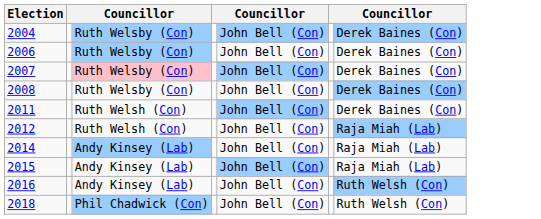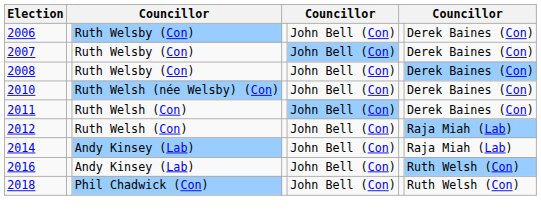 <table class="wikitable">
 <tr>
 <th>Election</th>
 <th colspan="2">Councillor</th>
 <th colspan="2">Councillor</th>
 <th colspan="2">Councillor</th>
-</tr>
-<tr>
-<td><a href='#'>2004</a></td>
-<td style="background-color: "></td>
-<td bgcolor="#99CCFF">Ruth Welsby (<a href='#'>Con</a>)</td>
-<td style="background-color: "></td>
-<td bgcolor="#99CCFF">John Bell (<a href='#'>Con</a>)</td>
-<td style="background-color: "></td>
-<td bgcolor="#99CCFF">Derek Baines (<a href='#'>Con</a>)</td>
 </tr>
 <tr>
 <td><a href='#'>2006</a></td>
 <td style="background-color: "></td>
 <td bgcolor="#99CCFF">Ruth Welsby (<a href='#'>Con</a>)</td>
 <td style="background-color: "></td>
 <td>John Bell (<a href='#'>Con</a>)</td>
 <td style="background-color: "></td>
 <td>Derek Baines (<a href='#'>Con</a>)</td>
 </tr>
 <tr>
 <td><a href='#'>2007</a></td>
 <td style="background-color: "></td>
-<td style="background: pink;">Ruth Welsby (<a href='#'>Con</a>)</td>
+<td>Ruth Welsby (<a href='#'>Con</a>)</td>
 <td style="background-color: "></td>
 <td bgcolor="#99CCFF">John Bell (<a href='#'>Con</a>)</td>
 <td style="background-color: "></td>
 <td>Derek Baines (<a href='#'>Con</a>)</td>
 </tr>
 <tr>
 <td><a href='#'>2008</a></td>
 <td style="background-color: "></td>
 <td>Ruth Welsby (<a href='#'>Con</a>)</td>
 <td style="background-color: "></td>
 <td>John Bell (<a href='#'>Con</a>)</td>
 <td style="background-color: "></td>
 <td bgcolor="#99CCFF">Derek Baines (<a href='#'>Con</a>)</td>
+</tr>
+<tr>
+<td><a href='#'>2010</a></td>
+<td style="background-color: "></td>
+<td bgcolor="#99CCFF">Ruth Welsh (née Welsby) (<a href='#'>Con</a>)</td>
+<td style="background-color: "></td>
+<td>John Bell (<a href='#'>Con</a>)</td>
+<td style="background-color: "></td>
+<td>Derek Baines (<a href='#'>Con</a>)</td>
 </tr>
 <tr>
 <td><a href='#'>2011</a></td>
 <td style="background-color: "></td>
 <td>Ruth Welsh (<a href='#'>Con</a>)</td>
 <td style="background-color: "></td>
 <td bgcolor="#99CCFF">John Bell (<a href='#'>Con</a>)</td>
 <td style="background-color: "></td>
 <td>Derek Baines (<a href='#'>Con</a>)</td>
 </tr>
 <tr>
 <td><a href='#'>2012</a></td>
 <td style="background-color: "></td>
 <td>Ruth Welsh (<a href='#'>Con</a>)</td>
 <td style="background-color: "></td>
 <td>John Bell (<a href='#'>Con</a>)</td>
 <td style="background-color: "></td>
 <td bgcolor="#99CCFF">Raja Miah (<a href='#'>Lab</a>)</td>
 </tr>
 <tr>
 <td><a href='#'>2014</a></td>
 <td style="background-color: "></td>
 <td bgcolor="#99CCFF">Andy Kinsey (<a href='#'>Lab</a>)</td>
 <td style="background-color: "></td>
 <td>John Bell (<a href='#'>Con</a>)</td>
 <td style="background-color: "></td>
 <td>Raja Miah (<a href='#'>Lab</a>)</td>
 </tr>
 <tr>
-<td><a href='#'>2015</a></td>
-<td style="background-color: "></td>
-<td>Andy Kinsey (<a href='#'>Lab</a>)</td>
-<td style="background-color: "></td>
-<td bgcolor="#99CCFF">John Bell (<a href='#'>Con</a>)</td>
-<td style="background-color: "></td>
-<td>Raja Miah (<a href='#'>Lab</a>)</td>
-</tr>
-<tr>
 <td><a href='#'>2016</a></td>
 <td style="background-color: "></td>
 <td>Andy Kinsey (<a href='#'>Lab</a>)</td>
 <td style="background-color: "></td>
 <td>John Bell (<a href='#'>Con</a>)</td>
 <td style="background-color: "></td>
 <td bgcolor="#99CCFF">Ruth Welsh (<a href='#'>Con</a>)</td>
 </tr>
 <tr>
 <td><a href='#'>2018</a></td>
 <td style="background-color: "></td>
 <td bgcolor="#99CCFF">Phil Chadwick (<a href='#'>Con</a>)</td>
 <td style="background-color: "></td>
 <td>John Bell (<a href='#'>Con</a>)</td>
 <td style="background-color: "></td>
 <td>Ruth Welsh (<a href='#'>Con</a>)</td>
 </tr>
 </table>
